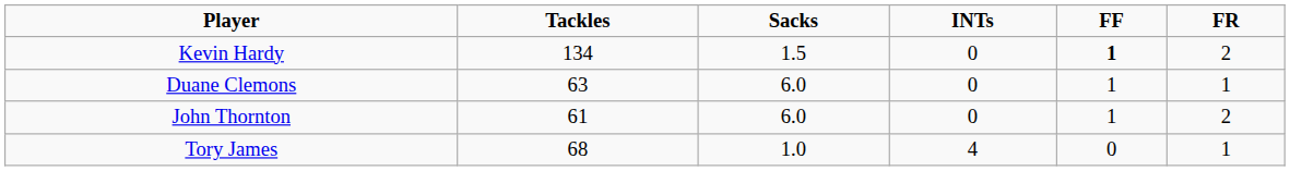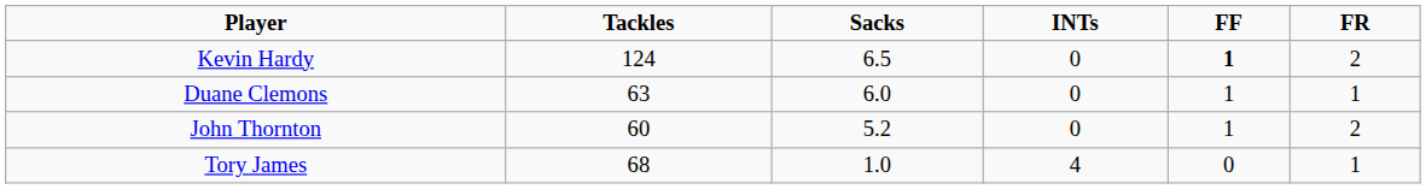 <table class="wikitable" style="width:80%;">
 <tr style="text-align:center; ">
 <td><strong>Player</strong></td>
 <td><strong>Tackles</strong></td>
 <td><strong>Sacks</strong></td>
 <td><strong>INTs</strong></td>
 <td><strong>FF</strong></td>
 <td><strong>FR</strong></td>
 </tr>
 <tr style="text-align:center;" bgcolor="">
 <td><a href='#'>Kevin Hardy</a></td>
-<td>134</td>
-<td>1.5</td>
+<td>124</td>
+<td>6.5</td>
 <td>0</td>
 <td><strong>1</strong></td>
 <td>2</td>
 </tr>
 <tr style="text-align:center;" bgcolor="">
 <td><a href='#'>Duane Clemons</a></td>
 <td>63</td>
 <td>6.0</td>
 <td>0</td>
 <td>1</td>
 <td>1</td>
 </tr>
 <tr style="text-align:center;" bgcolor="">
 <td><a href='#'>John Thornton</a></td>
-<td>61</td>
-<td>6.0</td>
+<td>60</td>
+<td>5.2</td>
 <td>0</td>
 <td>1</td>
 <td>2</td>
 </tr>
 <tr style="text-align:center;" bgcolor="">
 <td><a href='#'>Tory James</a></td>
 <td>68</td>
 <td>1.0</td>
 <td>4</td>
 <td>0</td>
 <td>1</td>
 </tr>
 </table>
